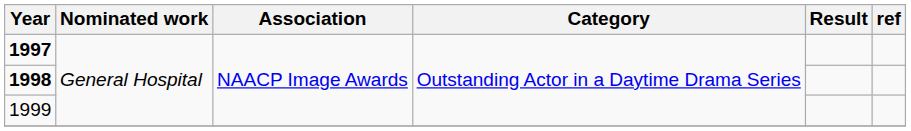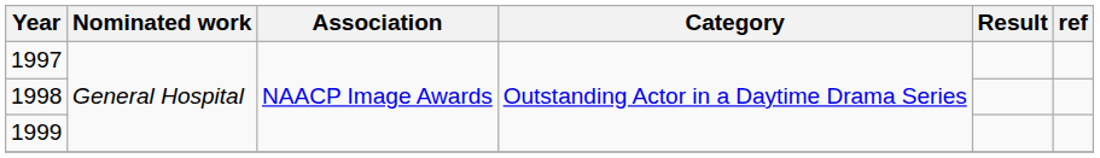 <table class="wikitable sortable">
 <tr>
 <th>Year</th>
 <th>Nominated work</th>
 <th>Association</th>
 <th>Category</th>
 <th>Result</th>
 <th>ref</th>
 </tr>
 <tr>
-<td><strong>1997</strong></td>
+<td>1997</td>
 <td rowspan="3"><em>General Hospital</em></td>
 <td rowspan="3"><a href='#'>NAACP Image Awards</a></td>
 <td rowspan="3"><a href='#'>Outstanding Actor in a Daytime Drama Series</a></td>
 <td></td>
 <td></td>
 </tr>
 <tr>
-<td><strong>1998</strong></td>
+<td>1998</td>
 <td></td>
 <td></td>
 </tr>
 <tr>
 <td>1999</td>
 <td></td>
 <td></td>
 </tr>
 <tr>
 </tr>
 </table>
